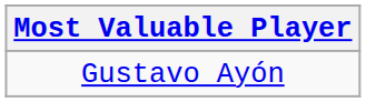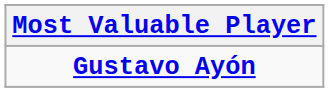 <table class=wikitable style="text-align:center; margin:auto">
 <tr>
 <th><a href='#'>Most Valuable Player</a></th>
 </tr>
 <tr>
-<td> <a href='#'>Gustavo Ayón</a></td>
+<td><strong> <a href='#'>Gustavo Ayón</a></strong></td>
 </tr>
 </table>
